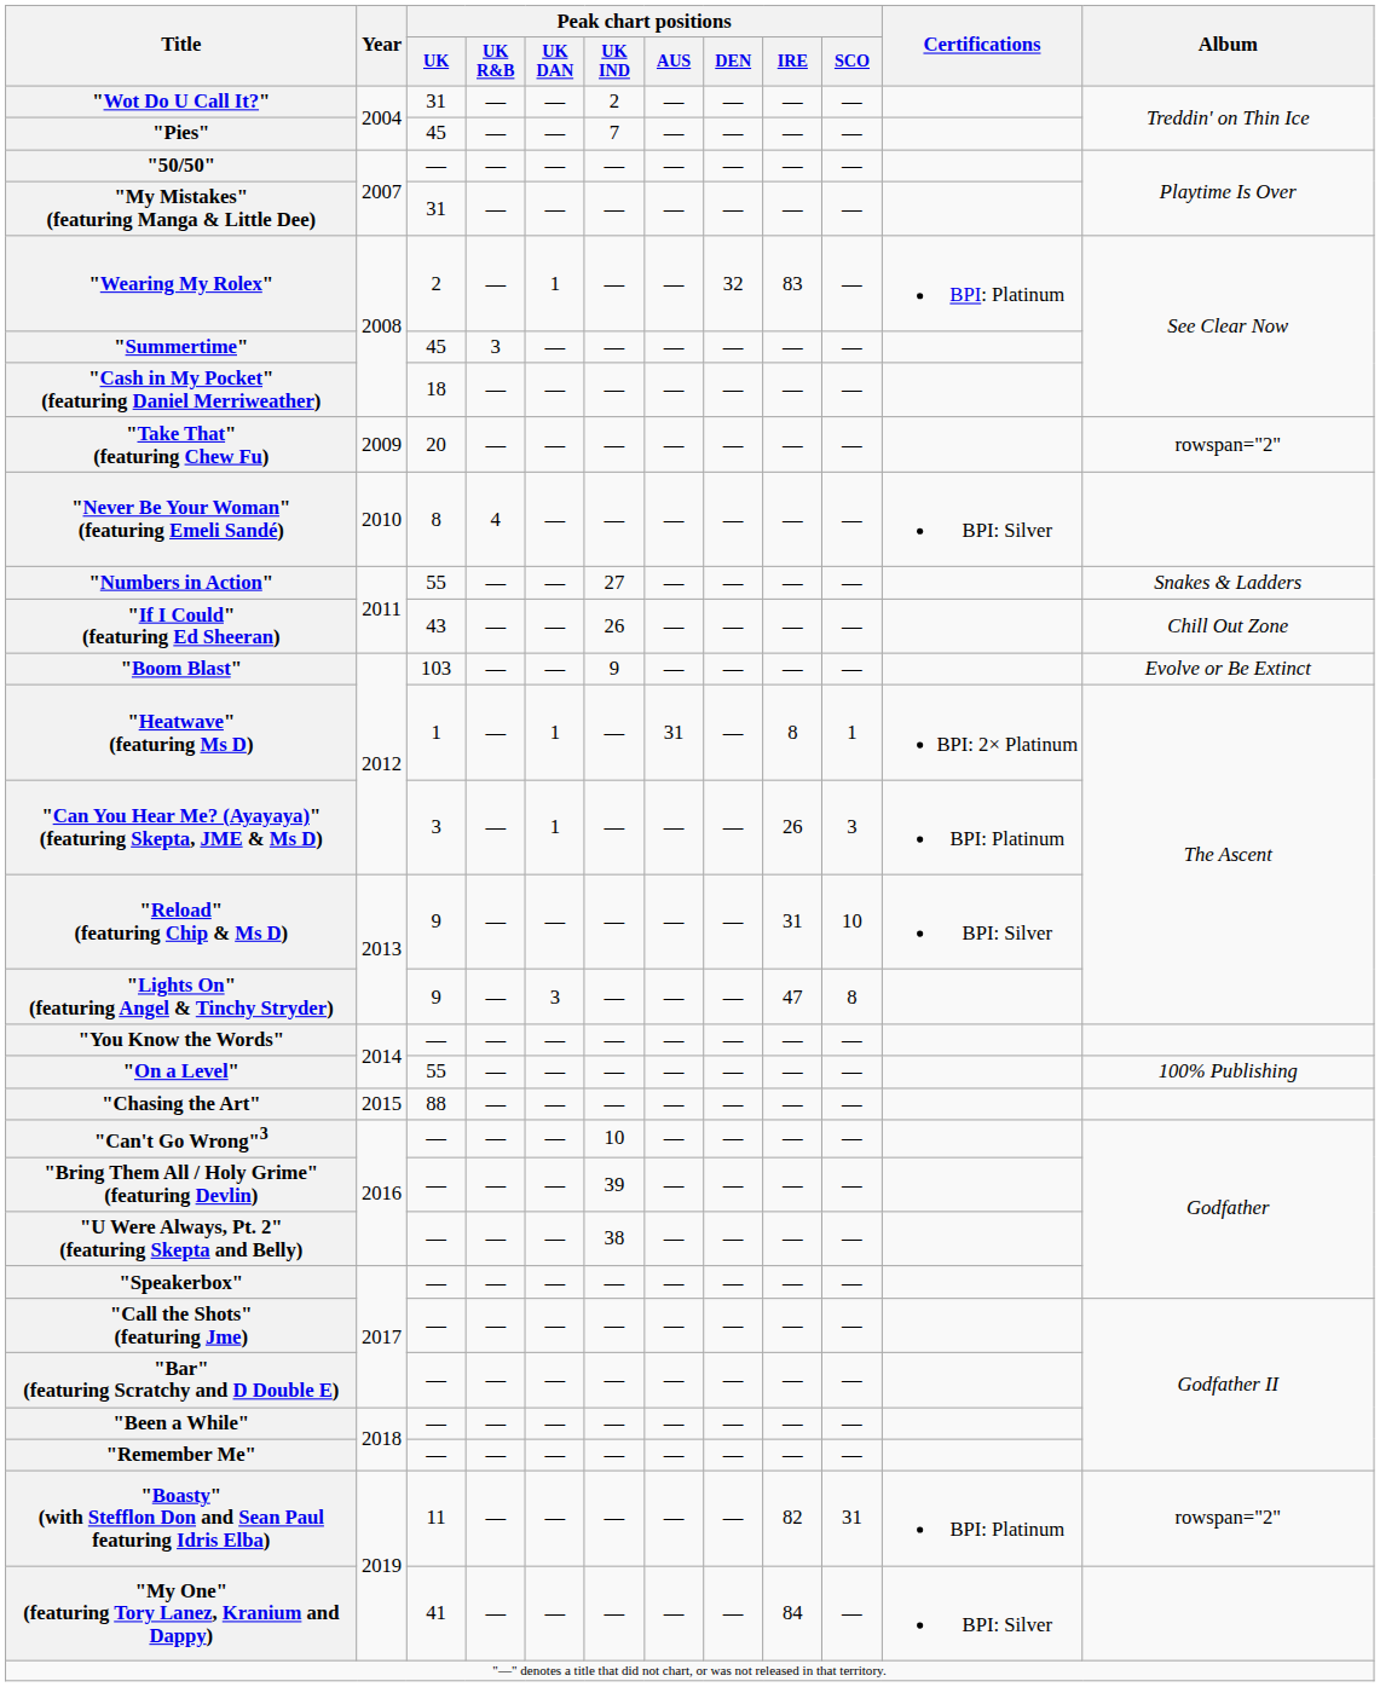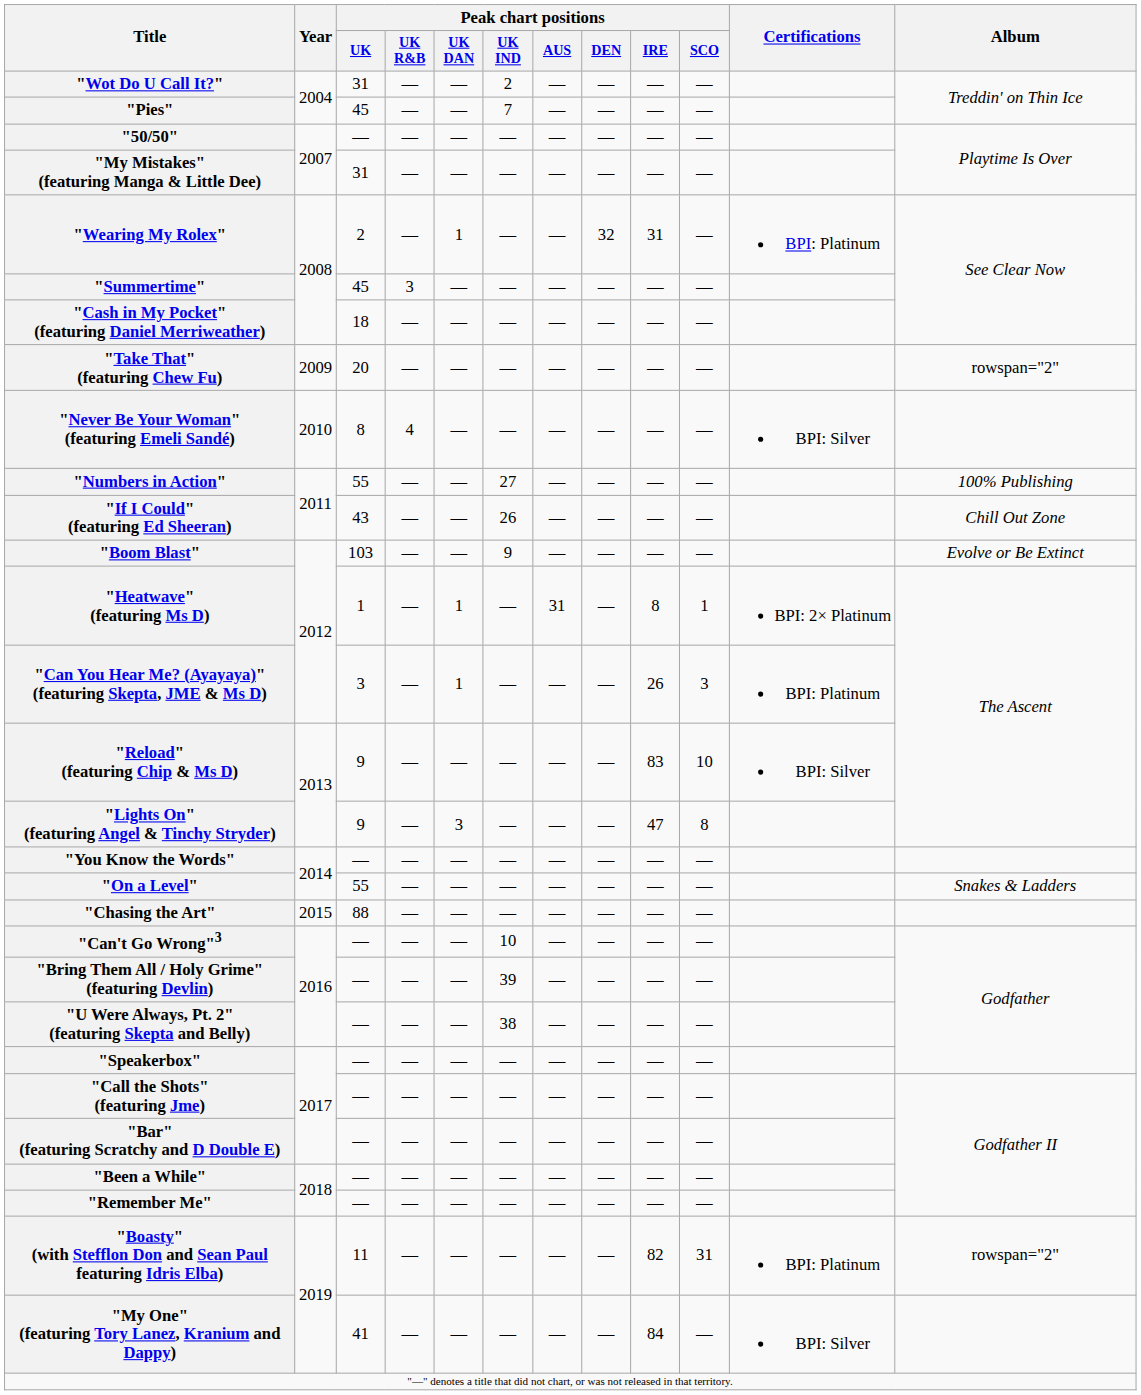 <table class="wikitable plainrowheaders" style="text-align:center;">
 <tr>
 <th scope="col" rowspan="2" style="width:17em;">Title</th>
 <th scope="col" rowspan="2">Year</th>
 <th scope="col" colspan="8">Peak chart positions</th>
 <th rowspan="2"><a href='#'>Certifications</a></th>
 <th scope="col" rowspan="2" style="width:14em;">Album</th>
 </tr>
 <tr>
 <th scope="col" style="width:3em;font-size:85%;"><a href='#'>UK</a><br></th>
 <th scope="col" style="width:3em;font-size:85%;"><a href='#'>UK<br>R&B</a><br></th>
 <th scope="col" style="width:3em;font-size:85%;"><a href='#'>UK<br>DAN</a><br></th>
 <th scope="col" style="width:3em;font-size:85%;"><a href='#'>UK<br>IND</a><br></th>
 <th scope="col" style="width:3em;font-size:85%;"><a href='#'>AUS</a><br></th>
 <th scope="col" style="width:3em;font-size:85%;"><a href='#'>DEN</a><br></th>
 <th scope="col" style="width:3em;font-size:85%;"><a href='#'>IRE</a><br></th>
 <th scope="col" style="width:3em;font-size:85%;"><a href='#'>SCO</a><br></th>
 </tr>
 <tr>
 <th scope="row">"<a href='#'>Wot Do U Call It?</a>"</th>
 <td rowspan="2">2004</td>
 <td>31</td>
 <td>—</td>
 <td>—</td>
 <td>2</td>
 <td>—</td>
 <td>—</td>
 <td>—</td>
 <td>—</td>
 <td></td>
 <td rowspan="2"><em>Treddin' on Thin Ice</em></td>
 </tr>
 <tr>
 <th scope="row">"Pies"</th>
 <td>45</td>
 <td>—</td>
 <td>—</td>
 <td>7</td>
 <td>—</td>
 <td>—</td>
 <td>—</td>
 <td>—</td>
 <td></td>
 </tr>
 <tr>
 <th scope="row">"50/50"</th>
 <td rowspan="2">2007</td>
 <td>—</td>
 <td>—</td>
 <td>—</td>
 <td>—</td>
 <td>—</td>
 <td>—</td>
 <td>—</td>
 <td>—</td>
 <td></td>
 <td rowspan="2"><em>Playtime Is Over</em></td>
 </tr>
 <tr>
 <th scope="row">"My Mistakes"<br><span>(featuring Manga & Little Dee)</span></th>
 <td>31</td>
 <td>—</td>
 <td>—</td>
 <td>—</td>
 <td>—</td>
 <td>—</td>
 <td>—</td>
 <td>—</td>
 <td></td>
 </tr>
 <tr>
 <th scope="row">"<a href='#'>Wearing My Rolex</a>"</th>
 <td rowspan="3">2008</td>
 <td>2</td>
 <td>—</td>
 <td>1</td>
 <td>—</td>
 <td>—</td>
 <td>32</td>
-<td>83</td>
+<td>31</td>
 <td>—</td>
 <td><br><ul><li><a href='#'>BPI</a>: Platinum</li></ul></td>
 <td rowspan="3"><em>See Clear Now</em></td>
 </tr>
 <tr>
 <th scope="row">"<a href='#'>Summertime</a>"</th>
 <td>45</td>
 <td>3</td>
 <td>—</td>
 <td>—</td>
 <td>—</td>
 <td>—</td>
 <td>—</td>
 <td>—</td>
 <td></td>
 </tr>
 <tr>
 <th scope="row">"<a href='#'>Cash in My Pocket</a>"<br><span>(featuring <a href='#'>Daniel Merriweather</a>)</span></th>
 <td>18</td>
 <td>—</td>
 <td>—</td>
 <td>—</td>
 <td>—</td>
 <td>—</td>
 <td>—</td>
 <td>—</td>
 <td></td>
 </tr>
 <tr>
 <th scope="row">"<a href='#'>Take That</a>"<br><span>(featuring <a href='#'>Chew Fu</a>)</span></th>
 <td>2009</td>
 <td>20</td>
 <td>—</td>
 <td>—</td>
 <td>—</td>
 <td>—</td>
 <td>—</td>
 <td>—</td>
 <td>—</td>
 <td></td>
 <td>rowspan="2" </td>
 </tr>
 <tr>
 <th scope="row">"<a href='#'>Never Be Your Woman</a>"<br><span>(featuring <a href='#'>Emeli Sandé</a>)</span></th>
 <td>2010</td>
 <td>8</td>
 <td>4</td>
 <td>—</td>
 <td>—</td>
 <td>—</td>
 <td>—</td>
 <td>—</td>
 <td>—</td>
 <td><br><ul><li>BPI: Silver</li></ul></td>
 </tr>
 <tr>
 <th scope="row">"<a href='#'>Numbers in Action</a>"</th>
 <td rowspan="2">2011</td>
 <td>55</td>
 <td>—</td>
 <td>—</td>
 <td>27</td>
 <td>—</td>
 <td>—</td>
 <td>—</td>
 <td>—</td>
 <td></td>
-<td><em>Snakes & Ladders</em></td>
+<td><em>100% Publishing</em></td>
 </tr>
 <tr>
 <th scope="row">"<a href='#'>If I Could</a>"<br><span>(featuring <a href='#'>Ed Sheeran</a>)</span></th>
 <td>43</td>
 <td>—</td>
 <td>—</td>
 <td>26</td>
 <td>—</td>
 <td>—</td>
 <td>—</td>
 <td>—</td>
 <td></td>
 <td><em>Chill Out Zone</em></td>
 </tr>
 <tr>
 <th scope="row">"<a href='#'>Boom Blast</a>"</th>
 <td rowspan="3">2012</td>
 <td>103</td>
 <td>—</td>
 <td>—</td>
 <td>9</td>
 <td>—</td>
 <td>—</td>
 <td>—</td>
 <td>—</td>
 <td></td>
 <td><em>Evolve or Be Extinct</em></td>
 </tr>
 <tr>
 <th scope="row">"<a href='#'>Heatwave</a>"<br><span>(featuring <a href='#'>Ms D</a>)</span></th>
 <td>1</td>
 <td>—</td>
 <td>1</td>
 <td>—</td>
 <td>31</td>
 <td>—</td>
 <td>8</td>
 <td>1</td>
 <td><br><ul><li>BPI: 2× Platinum</li></ul></td>
 <td rowspan="4"><em>The Ascent</em></td>
 </tr>
 <tr>
 <th scope="row">"<a href='#'>Can You Hear Me? (Ayayaya)</a>"<br><span>(featuring <a href='#'>Skepta</a>, <a href='#'>JME</a> & <a href='#'>Ms D</a>)</span></th>
 <td>3</td>
 <td>—</td>
 <td>1</td>
 <td>—</td>
 <td>—</td>
 <td>—</td>
 <td>26</td>
 <td>3</td>
 <td><br><ul><li>BPI: Platinum</li></ul></td>
 </tr>
 <tr>
 <th scope="row">"<a href='#'>Reload</a>"<br><span>(featuring <a href='#'>Chip</a> & <a href='#'>Ms D</a>)</span></th>
 <td rowspan="2">2013</td>
 <td>9</td>
 <td>—</td>
 <td>—</td>
 <td>—</td>
 <td>—</td>
 <td>—</td>
-<td>31</td>
+<td>83</td>
 <td>10</td>
 <td><br><ul><li>BPI: Silver</li></ul></td>
 </tr>
 <tr>
 <th scope="row">"<a href='#'>Lights On</a>"<br><span>(featuring <a href='#'>Angel</a> & <a href='#'>Tinchy Stryder</a>)</span></th>
 <td>9</td>
 <td>—</td>
 <td>3</td>
 <td>—</td>
 <td>—</td>
 <td>—</td>
 <td>47</td>
 <td>8</td>
 <td></td>
 </tr>
 <tr>
 <th scope="row">"You Know the Words"</th>
 <td rowspan="2">2014</td>
 <td>—</td>
 <td>—</td>
 <td>—</td>
 <td>—</td>
 <td>—</td>
 <td>—</td>
 <td>—</td>
 <td>—</td>
 <td></td>
 <td></td>
 </tr>
 <tr>
 <th scope="row">"<a href='#'>On a Level</a>"</th>
 <td>55</td>
 <td>—</td>
 <td>—</td>
 <td>—</td>
 <td>—</td>
 <td>—</td>
 <td>—</td>
 <td>—</td>
 <td></td>
-<td><em>100% Publishing</em></td>
+<td><em>Snakes & Ladders</em></td>
 </tr>
 <tr>
 <th scope="row">"Chasing the Art"</th>
 <td>2015</td>
 <td>88</td>
 <td>—</td>
 <td>—</td>
 <td>—</td>
 <td>—</td>
 <td>—</td>
 <td>—</td>
 <td>—</td>
 <td></td>
 <td></td>
 </tr>
 <tr>
 <th scope="row">"Can't Go Wrong"<sup>3</sup></th>
 <td rowspan="3">2016</td>
 <td>—</td>
 <td>—</td>
 <td>—</td>
 <td>10</td>
 <td>—</td>
 <td>—</td>
 <td>—</td>
 <td>—</td>
 <td></td>
 <td rowspan="4"><em>Godfather</em></td>
 </tr>
 <tr>
 <th scope="row">"Bring Them All / Holy Grime"<br><span>(featuring <a href='#'>Devlin</a>)</span></th>
 <td>—</td>
 <td>—</td>
 <td>—</td>
 <td>39</td>
 <td>—</td>
 <td>—</td>
 <td>—</td>
 <td>—</td>
 <td></td>
 </tr>
 <tr>
 <th scope="row">"U Were Always, Pt. 2"<br><span>(featuring <a href='#'>Skepta</a> and Belly)</span></th>
 <td>—</td>
 <td>—</td>
 <td>—</td>
 <td>38</td>
 <td>—</td>
 <td>—</td>
 <td>—</td>
 <td>—</td>
 <td></td>
 </tr>
 <tr>
 <th scope="row">"Speakerbox"</th>
 <td rowspan="3">2017</td>
 <td>—</td>
 <td>—</td>
 <td>—</td>
 <td>—</td>
 <td>—</td>
 <td>—</td>
 <td>—</td>
 <td>—</td>
 <td></td>
 </tr>
 <tr>
 <th scope="row">"Call the Shots"<br><span>(featuring <a href='#'>Jme</a>)</span></th>
 <td>—</td>
 <td>—</td>
 <td>—</td>
 <td>—</td>
 <td>—</td>
 <td>—</td>
 <td>—</td>
 <td>—</td>
 <td></td>
 <td rowspan="4"><em>Godfather II</em></td>
 </tr>
 <tr>
 <th scope="row">"Bar"<br><span>(featuring Scratchy and <a href='#'>D Double E</a>)</span></th>
 <td>—</td>
 <td>—</td>
 <td>—</td>
 <td>—</td>
 <td>—</td>
 <td>—</td>
 <td>—</td>
 <td>—</td>
 <td></td>
 </tr>
 <tr>
 <th scope="row">"Been a While"</th>
 <td rowspan="2">2018</td>
 <td>—</td>
 <td>—</td>
 <td>—</td>
 <td>—</td>
 <td>—</td>
 <td>—</td>
 <td>—</td>
 <td>—</td>
 <td></td>
 </tr>
 <tr>
 <th scope="row">"Remember Me"</th>
 <td>—</td>
 <td>—</td>
 <td>—</td>
 <td>—</td>
 <td>—</td>
 <td>—</td>
 <td>—</td>
 <td>—</td>
 <td></td>
 </tr>
 <tr>
 <th scope="row">"<a href='#'>Boasty</a>"<br><span>(with <a href='#'>Stefflon Don</a> and <a href='#'>Sean Paul</a> featuring <a href='#'>Idris Elba</a>)</span></th>
 <td rowspan="2">2019</td>
 <td>11</td>
 <td>—</td>
 <td>—</td>
 <td>—</td>
 <td>—</td>
 <td>—</td>
 <td>82</td>
 <td>31</td>
 <td><br><ul><li>BPI: Platinum</li></ul></td>
 <td>rowspan="2" </td>
 </tr>
 <tr>
 <th scope="row">"My One"<br><span>(featuring <a href='#'>Tory Lanez</a>, <a href='#'>Kranium</a> and <a href='#'>Dappy</a>)</span></th>
 <td>41</td>
 <td>—</td>
 <td>—</td>
 <td>—</td>
 <td>—</td>
 <td>—</td>
 <td>84</td>
 <td>—</td>
 <td><br><ul><li>BPI: Silver</li></ul></td>
 </tr>
 <tr>
 <td colspan="13" style="font-size:8pt">"—" denotes a title that did not chart, or was not released in that territory.</td>
 </tr>
 </table>
